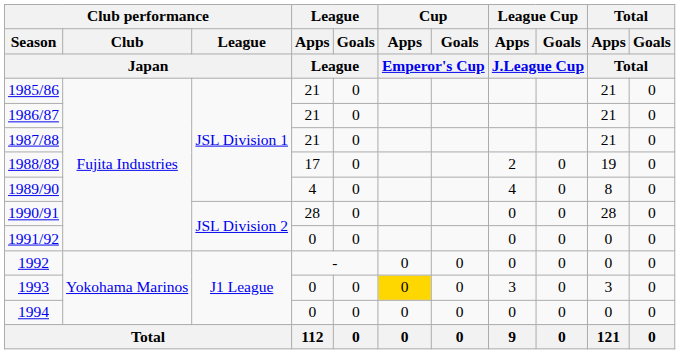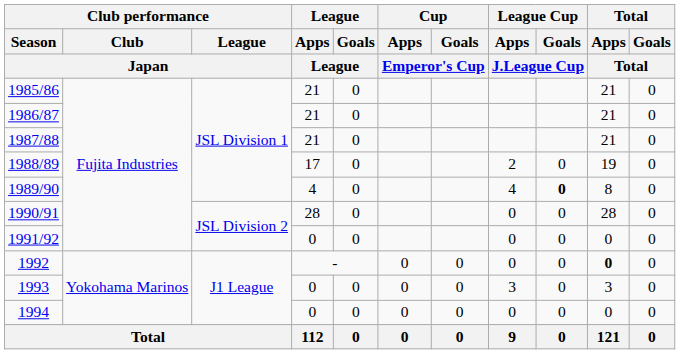 <table class="wikitable" style="text-align:center;">
 <tr>
 <th colspan=3>Club performance</th>
 <th colspan=2>League</th>
 <th colspan=2>Cup</th>
 <th colspan=2>League Cup</th>
 <th colspan=2>Total</th>
 </tr>
 <tr>
 <th>Season</th>
 <th>Club</th>
 <th>League</th>
 <th>Apps</th>
 <th>Goals</th>
 <th>Apps</th>
 <th>Goals</th>
 <th>Apps</th>
 <th>Goals</th>
 <th>Apps</th>
 <th>Goals</th>
 </tr>
 <tr>
 <th colspan=3>Japan</th>
 <th colspan=2>League</th>
 <th colspan=2><a href='#'>Emperor's Cup</a></th>
 <th colspan=2><a href='#'>J.League Cup</a></th>
 <th colspan=2>Total</th>
 </tr>
 <tr>
 <td><a href='#'>1985/86</a></td>
 <td rowspan="7"><a href='#'>Fujita Industries</a></td>
 <td rowspan="5"><a href='#'>JSL Division 1</a></td>
 <td>21</td>
 <td>0</td>
 <td></td>
 <td></td>
 <td></td>
 <td></td>
 <td>21</td>
 <td>0</td>
 </tr>
 <tr>
 <td><a href='#'>1986/87</a></td>
 <td>21</td>
 <td>0</td>
 <td></td>
 <td></td>
 <td></td>
 <td></td>
 <td>21</td>
 <td>0</td>
 </tr>
 <tr>
 <td><a href='#'>1987/88</a></td>
 <td>21</td>
 <td>0</td>
 <td></td>
 <td></td>
 <td></td>
 <td></td>
 <td>21</td>
 <td>0</td>
 </tr>
 <tr>
 <td><a href='#'>1988/89</a></td>
 <td>17</td>
 <td>0</td>
 <td></td>
 <td></td>
 <td>2</td>
 <td>0</td>
 <td>19</td>
 <td>0</td>
 </tr>
 <tr>
 <td><a href='#'>1989/90</a></td>
 <td>4</td>
 <td>0</td>
 <td></td>
 <td></td>
 <td>4</td>
-<td>0</td>
+<td><strong>0</strong></td>
 <td>8</td>
 <td>0</td>
 </tr>
 <tr>
 <td><a href='#'>1990/91</a></td>
 <td rowspan="2"><a href='#'>JSL Division 2</a></td>
 <td>28</td>
 <td>0</td>
 <td></td>
 <td></td>
 <td>0</td>
 <td>0</td>
 <td>28</td>
 <td>0</td>
 </tr>
 <tr>
 <td><a href='#'>1991/92</a></td>
 <td>0</td>
 <td>0</td>
 <td></td>
 <td></td>
 <td>0</td>
 <td>0</td>
 <td>0</td>
 <td>0</td>
 </tr>
 <tr>
 <td><a href='#'>1992</a></td>
 <td rowspan="3"><a href='#'>Yokohama Marinos</a></td>
 <td rowspan="3"><a href='#'>J1 League</a></td>
 <td colspan="2">-</td>
 <td>0</td>
 <td>0</td>
 <td>0</td>
 <td>0</td>
-<td>0</td>
+<td><strong>0</strong></td>
 <td>0</td>
 </tr>
 <tr>
 <td><a href='#'>1993</a></td>
 <td>0</td>
 <td>0</td>
-<td style="background: gold;">0</td>
+<td>0</td>
 <td>0</td>
 <td>3</td>
 <td>0</td>
 <td>3</td>
 <td>0</td>
 </tr>
 <tr>
 <td><a href='#'>1994</a></td>
 <td>0</td>
 <td>0</td>
 <td>0</td>
 <td>0</td>
 <td>0</td>
 <td>0</td>
 <td>0</td>
 <td>0</td>
 </tr>
 <tr>
 <th colspan=3>Total</th>
 <th>112</th>
 <th>0</th>
 <th>0</th>
 <th>0</th>
 <th>9</th>
 <th>0</th>
 <th>121</th>
 <th>0</th>
 </tr>
 </table>
